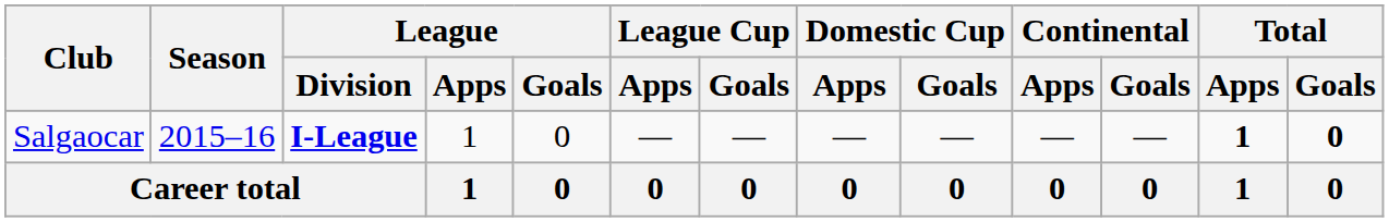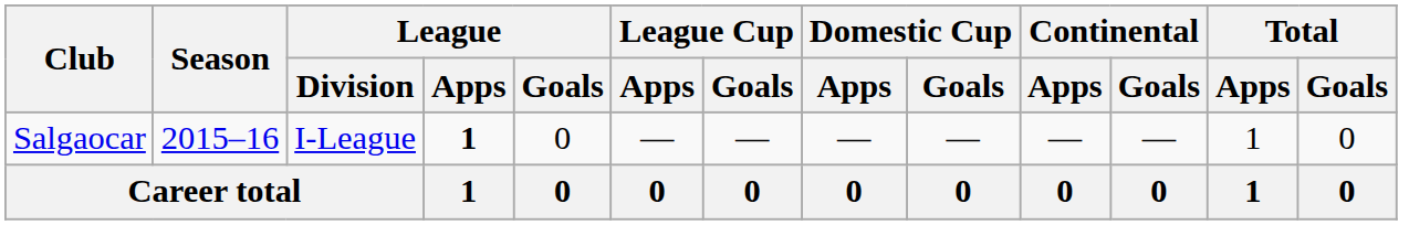 <table class="wikitable" style="text-align: center;">
 <tr>
 <th rowspan="2">Club</th>
 <th rowspan="2">Season</th>
 <th colspan="3">League</th>
 <th colspan="2">League Cup</th>
 <th colspan="2">Domestic Cup</th>
 <th colspan="2">Continental</th>
 <th colspan="2">Total</th>
 </tr>
 <tr>
 <th>Division</th>
 <th>Apps</th>
 <th>Goals</th>
 <th>Apps</th>
 <th>Goals</th>
 <th>Apps</th>
 <th>Goals</th>
 <th>Apps</th>
 <th>Goals</th>
 <th>Apps</th>
 <th>Goals</th>
 </tr>
 <tr>
 <td rowspan="1"><a href='#'>Salgaocar</a></td>
 <td><a href='#'>2015–16</a></td>
-<td><strong><a href='#'>I-League</a></strong></td>
-<td>1</td>
+<td><a href='#'>I-League</a></td>
+<td><strong>1</strong></td>
 <td>0</td>
 <td>—</td>
 <td>—</td>
 <td>—</td>
 <td>—</td>
 <td>—</td>
 <td>—</td>
-<td><strong>1</strong></td>
-<td><strong>0</strong></td>
+<td>1</td>
+<td>0</td>
 </tr>
 <tr>
 <th colspan="3">Career total</th>
 <th>1</th>
 <th>0</th>
 <th>0</th>
 <th>0</th>
 <th>0</th>
 <th>0</th>
 <th>0</th>
 <th>0</th>
 <th>1</th>
 <th>0</th>
 </tr>
 </table>
